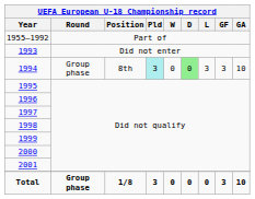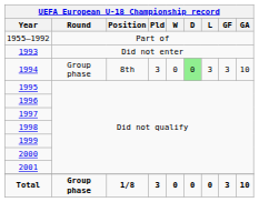 <table class="wikitable" style="text-align: center;font-size:90%;">
 <tr>
 <th colspan=9><a href='#'>UEFA European U-18 Championship record</a></th>
 </tr>
 <tr>
 <th>Year</th>
 <th width=75>Round</th>
 <th width=45>Position</th>
 <th width=20>Pld</th>
 <th width=20>W</th>
 <th width=20>D</th>
 <th width=20>L</th>
 <th width=20>GF</th>
 <th width=20>GA</th>
 </tr>
 <tr>
 <td>1955–1992</td>
 <td colspan=8>Part of </td>
 </tr>
 <tr>
 <td> <a href='#'>1993</a></td>
 <td colspan=8>Did not enter</td>
 </tr>
 <tr>
 <td> <a href='#'>1994</a></td>
 <td>Group phase</td>
 <td>8th</td>
-<td style="background: paleturquoise;">3</td>
+<td>3</td>
 <td>0</td>
 <td style="background: lightgreen;">0</td>
 <td>3</td>
 <td>3</td>
 <td>10</td>
 </tr>
 <tr>
 <td> <a href='#'>1995</a></td>
 <td rowspan=7 colspan=8>Did not qualify</td>
 </tr>
 <tr>
 <td> <a href='#'>1996</a></td>
 </tr>
 <tr>
 <td> <a href='#'>1997</a></td>
 </tr>
 <tr>
 <td> <a href='#'>1998</a></td>
 </tr>
 <tr>
 <td> <a href='#'>1999</a></td>
 </tr>
 <tr>
 <td> <a href='#'>2000</a></td>
 </tr>
 <tr>
 <td> <a href='#'>2001</a></td>
 </tr>
 <tr>
 </tr>
 <tr>
 <td><strong>Total</strong></td>
 <td><strong>Group phase</strong></td>
 <td><strong>1/8</strong></td>
 <td><strong>3</strong></td>
 <td><strong>0</strong></td>
 <td><strong>0</strong></td>
 <td><strong>0</strong></td>
 <td><strong>3</strong></td>
 <td><strong>10</strong></td>
 </tr>
 </table>
